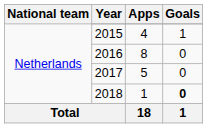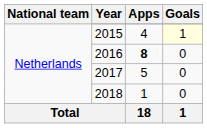 <table class="wikitable" style="text-align:center">
 <tr>
 <th>National team</th>
 <th>Year</th>
 <th>Apps</th>
 <th>Goals</th>
 </tr>
 <tr>
 <td rowspan="5"><a href='#'>Netherlands</a></td>
 </tr>
 <tr>
 <td>2015</td>
 <td>4</td>
-<td>1</td>
+<td style="background: lightyellow;">1</td>
 </tr>
 <tr>
 <td>2016</td>
-<td>8</td>
+<td><strong>8</strong></td>
 <td>0</td>
 </tr>
 <tr>
 <td>2017</td>
 <td>5</td>
 <td>0</td>
 </tr>
 <tr>
 <td>2018</td>
 <td>1</td>
-<td><strong>0</strong></td>
+<td>0</td>
 </tr>
 <tr>
 <th colspan=2>Total</th>
 <th>18</th>
 <th>1</th>
 </tr>
 </table>
